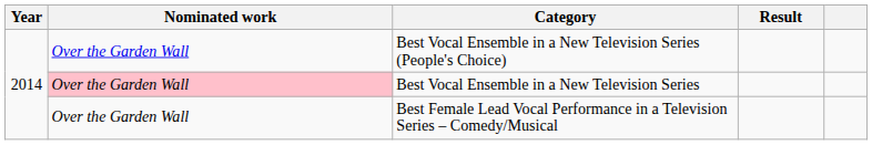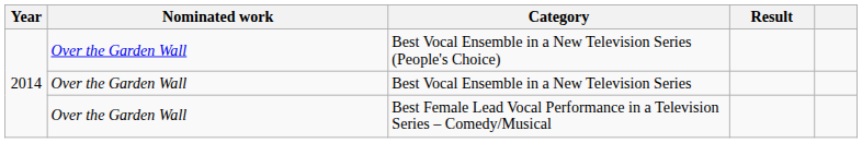 <table class="wikitable" style="width:100%;">
 <tr>
 <th style="width:5%;">Year</th>
 <th style="width:40%;">Nominated work</th>
 <th style="width:40%;">Category</th>
 <th style="width:10%;">Result</th>
 <th style="width:5%;"></th>
 </tr>
 <tr>
 <td rowspan="3" style="text-align:center;">2014</td>
 <td><em><a href='#'>Over the Garden Wall</a></em></td>
 <td>Best Vocal Ensemble in a New Television Series (People's Choice) </td>
 <td></td>
 <td style="text-align:center;"></td>
 </tr>
 <tr>
-<td style="background: pink;"><em>Over the Garden Wall</em></td>
+<td><em>Over the Garden Wall</em></td>
 <td>Best Vocal Ensemble in a New Television Series </td>
 <td></td>
 <td style="text-align:center;"></td>
 </tr>
 <tr>
 <td><em>Over the Garden Wall</em></td>
 <td>Best Female Lead Vocal Performance in a Television Series – Comedy/Musical</td>
 <td></td>
 <td style="text-align:center;"></td>
 </tr>
 </table>
